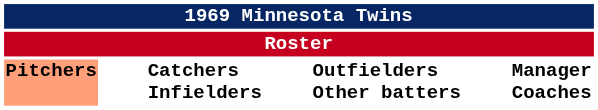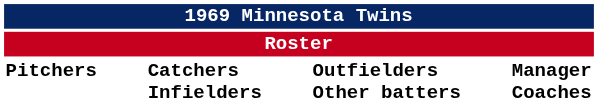 <table class="toccolours" style="font-size: 95%;">
 <tr>
 <th colspan="10" style="background-color: #072764; color: white; text-align: center;">1969 Minnesota Twins</th>
 </tr>
 <tr>
 <td colspan="10" style="background-color: #c6011f; color: white; text-align: center;"><strong>Roster</strong></td>
 </tr>
 <tr>
-<td valign="top" style="background: lightsalmon;"><strong>Pitchers</strong><br>              </td>
+<td valign="top"><strong>Pitchers</strong><br>              </td>
 <td width="25px"></td>
 <td valign="top"><strong>Catchers</strong><br>    <strong>Infielders</strong>        </td>
 <td width="25px"></td>
 <td valign="top"><strong>Outfielders</strong><br>        <strong>Other batters</strong> </td>
 <td width="25px"></td>
 <td valign="top"><strong>Manager</strong><br> <strong> Coaches</strong>     </td>
 </tr>
 <tr>
 </tr>
 </table>
